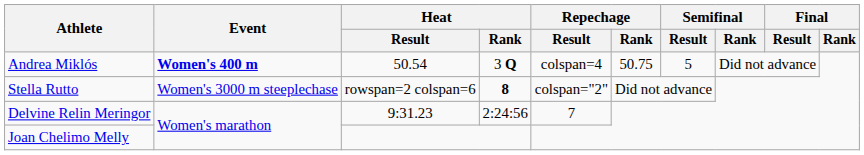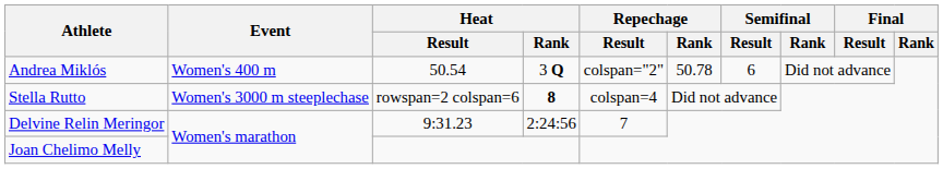 <table class="wikitable" style="font-size:90%">
 <tr>
 <th rowspan="2">Athlete</th>
 <th rowspan="2">Event</th>
 <th colspan="2">Heat</th>
 <th colspan="2">Repechage</th>
 <th colspan="2">Semifinal</th>
 <th colspan="2">Final</th>
 </tr>
 <tr style="font-size:95%">
 <th>Result</th>
 <th>Rank</th>
 <th>Result</th>
 <th>Rank</th>
 <th>Result</th>
 <th>Rank</th>
 <th>Result</th>
 <th>Rank</th>
 </tr>
 <tr align=center>
 <td align=left><a href='#'>Andrea Miklós</a></td>
-<td align=left><strong><a href='#'>Women's 400 m</a></strong></td>
+<td align=left><a href='#'>Women's 400 m</a></td>
 <td>50.54</td>
 <td>3 <strong>Q</strong></td>
-<td>colspan=4 </td>
-<td>50.75</td>
-<td>5</td>
+<td>colspan="2" </td>
+<td>50.78</td>
+<td>6</td>
 <td colspan=2>Did not advance</td>
 </tr>
 <tr align=center>
 <td align=left><a href='#'>Stella Rutto</a></td>
 <td align=left><a href='#'>Women's 3000 m steeplechase</a></td>
 <td>rowspan=2 colspan=6 </td>
 <td><strong>8</strong></td>
-<td>colspan="2" </td>
+<td>colspan=4 </td>
 <td colspan=2>Did not advance</td>
 </tr>
 <tr align=center>
 <td align=left><a href='#'>Delvine Relin Meringor</a></td>
 <td align=left rowspan=2><a href='#'>Women's marathon</a></td>
 <td>9:31.23</td>
 <td>2:24:56 <strong></strong></td>
 <td>7</td>
 </tr>
 <tr align=center>
 <td align=left><a href='#'>Joan Chelimo Melly</a></td>
 <td colspan=2></td>
 </tr>
 </table>
